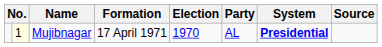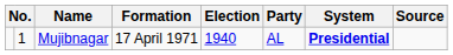 <table class="wikitable sortable">
 <tr>
 <th colspan=2>No.</th>
 <th>Name</th>
 <th>Formation</th>
 <th>Election</th>
 <th>Party</th>
 <th>System</th>
 <th>Source</th>
 </tr>
 <tr>
 <td align=center style="background-color:"></td>
-<td style="background: lightyellow;">1</td>
+<td>1</td>
 <td><a href='#'>Mujibnagar</a></td>
 <td>17 April 1971</td>
-<td><a href='#'>1970</a></td>
+<td><a href='#'>1940</a></td>
 <td><a href='#'>AL</a></td>
 <td><strong><a href='#'>Presidential</a></strong></td>
 <td></td>
 </tr>
 </table>
